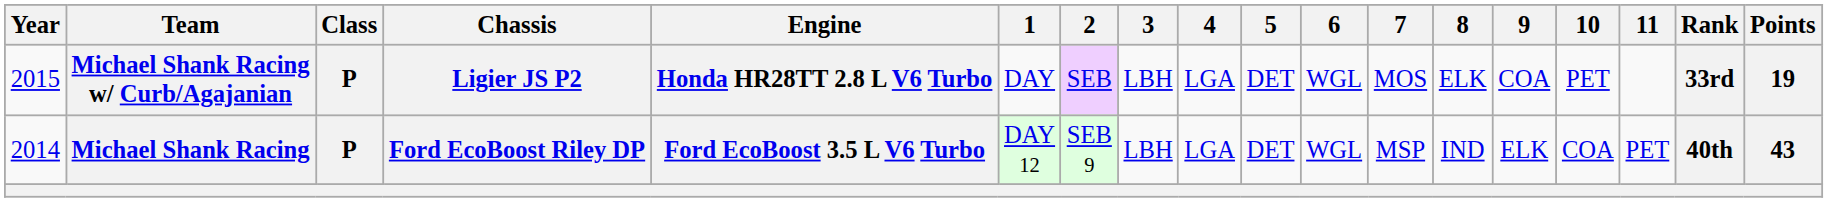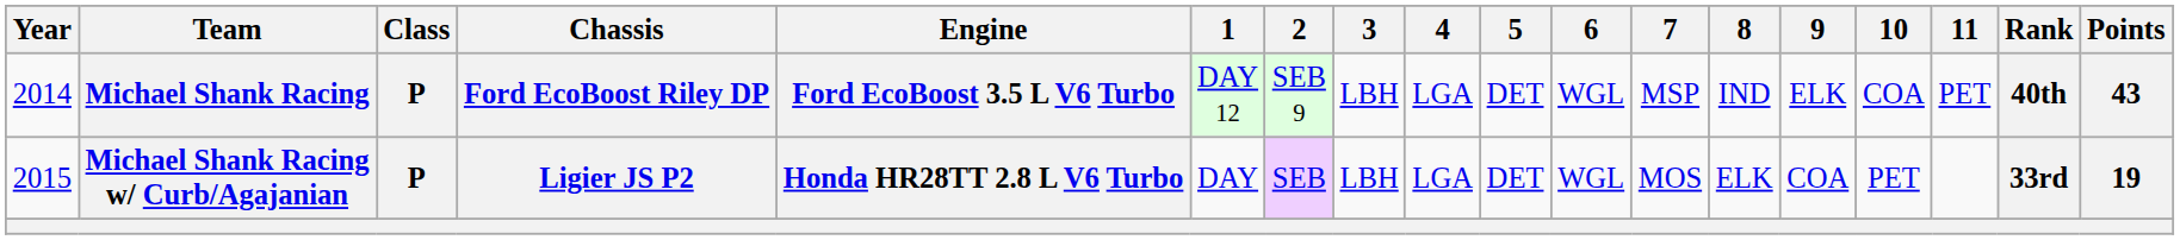 <table class="wikitable" style="text-align:center; font-size:85%">
 <tr>
 <th scope=col>Year</th>
 <th scope=col>Team</th>
 <th scope=col>Class</th>
 <th scope=col>Chassis</th>
 <th scope=col>Engine</th>
 <th scope=col>1</th>
 <th scope=col>2</th>
 <th scope=col>3</th>
 <th scope=col>4</th>
 <th scope=col>5</th>
 <th scope=col>6</th>
 <th scope=col>7</th>
 <th scope=col>8</th>
 <th scope=col>9</th>
 <th scope=col>10</th>
 <th scope=col>11</th>
 <th scope=col>Rank</th>
 <th scope=col>Points</th>
 </tr>
 <tr>
+<td><a href='#'>2014</a></td>
+<th nowrap><a href='#'>Michael Shank Racing</a></th>
+<th>P</th>
+<th nowrap><a href='#'>Ford EcoBoost Riley DP</a></th>
+<th nowrap><a href='#'>Ford EcoBoost</a> 3.5 L <a href='#'>V6</a> <a href='#'>Turbo</a></th>
+<td style="background:#DFFFDF;"><a href='#'>DAY</a><br><small>12</small></td>
+<td style="background:#DFFFDF;"><a href='#'>SEB</a><br><small>9</small></td>
+<td><a href='#'>LBH</a><br></td>
+<td><a href='#'>LGA</a><br></td>
+<td><a href='#'>DET</a><br></td>
+<td><a href='#'>WGL</a><br></td>
+<td><a href='#'>MSP</a><br></td>
+<td><a href='#'>IND</a><br></td>
+<td><a href='#'>ELK</a><br></td>
+<td><a href='#'>COA</a><br></td>
+<td><a href='#'>PET</a><br></td>
+<th>40th</th>
+<th>43</th>
+</tr>
+<tr>
 <td><a href='#'>2015</a></td>
 <th nowrap><a href='#'>Michael Shank Racing</a><br>w/ <a href='#'>Curb/Agajanian</a></th>
 <th>P</th>
 <th nowrap><a href='#'>Ligier JS P2</a></th>
 <th nowrap><a href='#'>Honda</a> HR28TT 2.8 L <a href='#'>V6</a> <a href='#'>Turbo</a></th>
 <td><a href='#'>DAY</a></td>
 <td style="background:#efcfff;"><a href='#'>SEB</a><br></td>
 <td><a href='#'>LBH</a></td>
 <td><a href='#'>LGA</a></td>
 <td><a href='#'>DET</a></td>
 <td><a href='#'>WGL</a></td>
 <td><a href='#'>MOS</a></td>
 <td><a href='#'>ELK</a></td>
 <td><a href='#'>COA</a></td>
 <td><a href='#'>PET</a></td>
 <td></td>
 <th>33rd</th>
 <th>19</th>
 </tr>
 <tr>
-<td><a href='#'>2014</a></td>
-<th nowrap><a href='#'>Michael Shank Racing</a></th>
-<th>P</th>
-<th nowrap><a href='#'>Ford EcoBoost Riley DP</a></th>
-<th nowrap><a href='#'>Ford EcoBoost</a> 3.5 L <a href='#'>V6</a> <a href='#'>Turbo</a></th>
-<td style="background:#DFFFDF;"><a href='#'>DAY</a><br><small>12</small></td>
-<td style="background:#DFFFDF;"><a href='#'>SEB</a><br><small>9</small></td>
-<td><a href='#'>LBH</a><br></td>
-<td><a href='#'>LGA</a><br></td>
-<td><a href='#'>DET</a><br></td>
-<td><a href='#'>WGL</a><br></td>
-<td><a href='#'>MSP</a><br></td>
-<td><a href='#'>IND</a><br></td>
-<td><a href='#'>ELK</a><br></td>
-<td><a href='#'>COA</a><br></td>
-<td><a href='#'>PET</a><br></td>
-<th>40th</th>
-<th>43</th>
-</tr>
-<tr>
 <th colspan="18"></th>
 </tr>
 </table>
